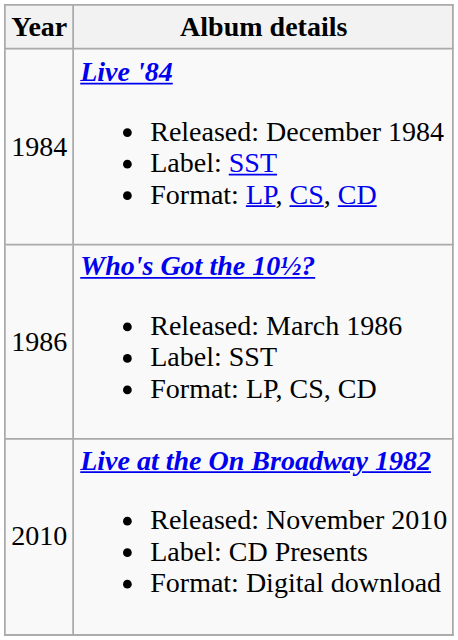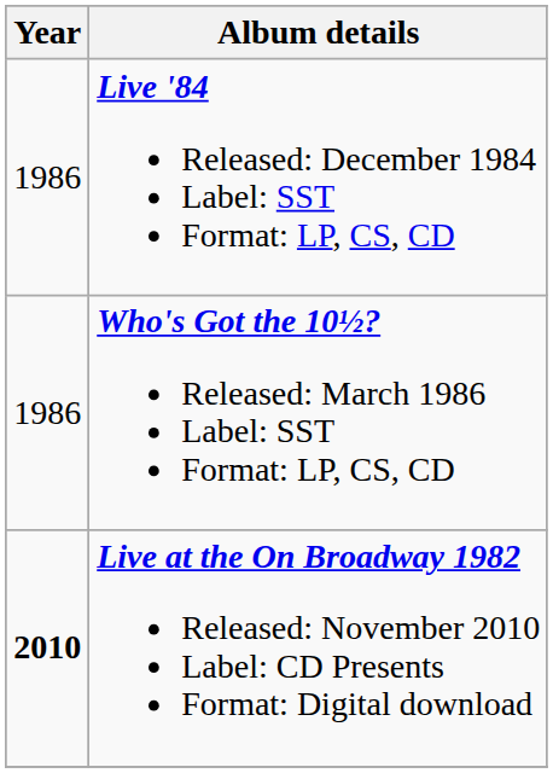 <table class ="wikitable">
 <tr>
 <th>Year</th>
 <th>Album details</th>
 </tr>
 <tr>
-<td>1984</td>
+<td>1986</td>
 <td><strong><em><a href='#'>Live '84</a></em></strong><br><ul><li>Released: December 1984</li><li>Label: <a href='#'>SST</a></li><li>Format: <a href='#'>LP</a>, <a href='#'>CS</a>, <a href='#'>CD</a></li></ul></td>
 </tr>
 <tr>
 <td>1986</td>
 <td><strong><em><a href='#'>Who's Got the 10½?</a></em></strong><br><ul><li>Released: March 1986</li><li>Label: SST</li><li>Format: LP, CS, CD</li></ul></td>
 </tr>
 <tr>
-<td>2010</td>
+<td><strong>2010</strong></td>
 <td><strong><em><a href='#'>Live at the On Broadway 1982</a></em></strong><br><ul><li>Released: November 2010</li><li>Label: CD Presents</li><li>Format: Digital download</li></ul></td>
 </tr>
 <tr>
 </tr>
 </table>
